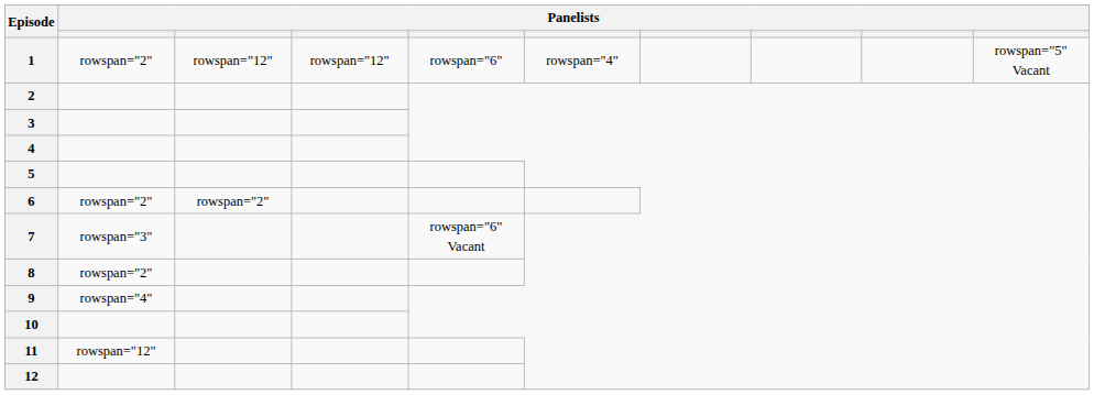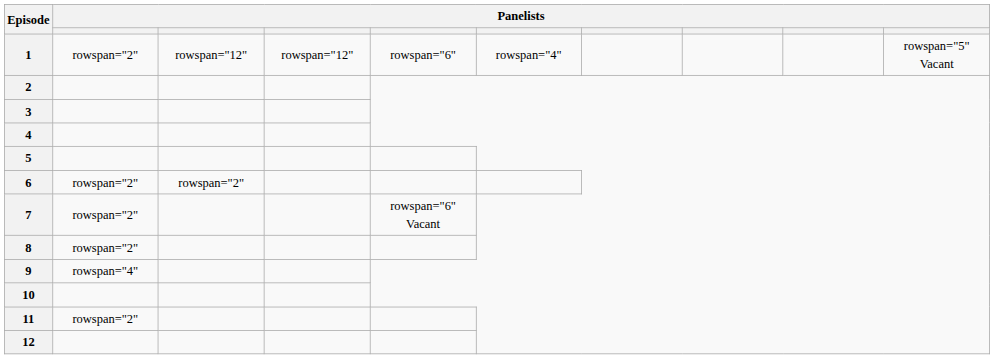 <table class="wikitable plainrowheaders mw-collapsible" style="text-align:center; line-height:23px; width:100%;">
 <tr>
 <th rowspan="2" width="1%">Episode</th>
 <th colspan="9">Panelists</th>
 </tr>
 <tr>
 <th width="11%"></th>
 <th width="11%"></th>
 <th width="11%"></th>
 <th width="11%"></th>
 <th width="11%"></th>
 <th width="11%"></th>
 <th width="11%"></th>
 <th width="11%"></th>
 <th width="11%"></th>
 </tr>
 <tr>
 <th>1</th>
 <td>rowspan="2" </td>
 <td>rowspan="12" </td>
 <td>rowspan="12" </td>
 <td>rowspan="6" </td>
 <td>rowspan="4" </td>
 <td></td>
 <td></td>
 <td></td>
 <td>rowspan="5"  Vacant</td>
 </tr>
 <tr>
 <th>2</th>
 <td></td>
 <td></td>
 <td></td>
 </tr>
 <tr>
 <th>3</th>
 <td></td>
 <td></td>
 <td></td>
 </tr>
 <tr>
 <th>4</th>
 <td></td>
 <td></td>
 <td></td>
 </tr>
 <tr>
 <th>5</th>
 <td></td>
 <td></td>
 <td></td>
 <td></td>
 </tr>
 <tr>
 <th>6</th>
 <td>rowspan="2" </td>
 <td>rowspan="2" </td>
 <td></td>
 <td></td>
 <td></td>
 </tr>
 <tr>
 <th>7</th>
-<td>rowspan="3" </td>
+<td>rowspan="2" </td>
 <td></td>
 <td></td>
 <td>rowspan="6"  Vacant</td>
 </tr>
 <tr>
 <th>8</th>
 <td>rowspan="2" </td>
 <td></td>
 <td></td>
 <td></td>
 </tr>
 <tr>
 <th>9</th>
 <td>rowspan="4" </td>
 <td></td>
 <td></td>
 </tr>
 <tr>
 <th>10</th>
 <td></td>
 <td></td>
 <td></td>
 </tr>
 <tr>
 <th>11</th>
-<td>rowspan="12" </td>
+<td>rowspan="2" </td>
 <td></td>
 <td></td>
 <td></td>
 </tr>
 <tr>
 <th>12</th>
 <td></td>
 <td></td>
 <td></td>
 <td></td>
 </tr>
 </table>
